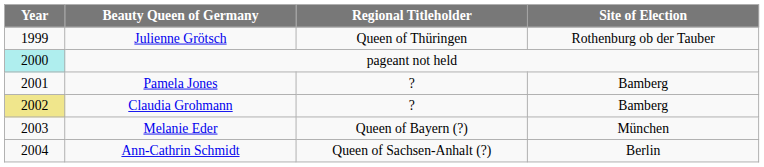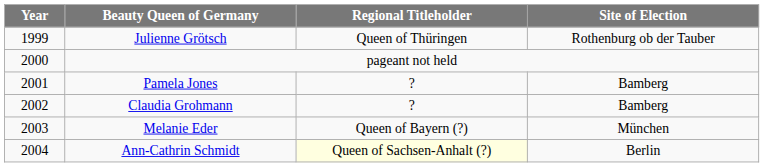 <table class="wikitable sortable" style="font-size: 95%; text-align:center">
 <tr>
 <th width="60" style="background-color:#787878;color:#FFFFFF;">Year</th>
 <th width="250" style="background-color:#787878;color:#FFFFFF;">Beauty Queen of Germany</th>
 <th width="250" style="background-color:#787878;color:#FFFFFF;">Regional Titleholder</th>
 <th width="250" style="background-color:#787878;color:#FFFFFF;">Site of Election</th>
 </tr>
 <tr>
 <td>1999</td>
 <td><a href='#'>Julienne Grötsch</a></td>
 <td> Queen of Thüringen</td>
 <td>Rothenburg ob der Tauber</td>
 </tr>
 <tr>
-<td style="background: paleturquoise;">2000</td>
+<td>2000</td>
 <td colspan="3">pageant not held</td>
 </tr>
 <tr>
 <td>2001</td>
 <td><a href='#'>Pamela Jones</a></td>
 <td>?</td>
 <td>Bamberg	</td>
 </tr>
 <tr>
-<td style="background: khaki;">2002</td>
+<td>2002</td>
 <td><a href='#'>Claudia Grohmann</a></td>
 <td>?</td>
 <td>Bamberg</td>
 </tr>
 <tr>
 <td>2003</td>
 <td><a href='#'>Melanie Eder</a></td>
 <td> Queen of Bayern (?)</td>
 <td>München</td>
 </tr>
 <tr>
 <td>2004</td>
 <td><a href='#'>Ann-Cathrin Schmidt</a></td>
-<td> Queen of Sachsen-Anhalt (?)</td>
+<td style="background: lightyellow;"> Queen of Sachsen-Anhalt (?)</td>
 <td>Berlin</td>
 </tr>
 </table>
